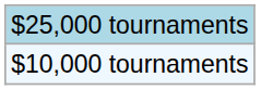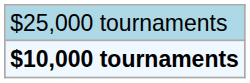 <table class="wikitable" style="font-size:85%;">
 <tr bgcolor=lightblue>
 <td>$25,000 tournaments</td>
 </tr>
 <tr style="background:#f0f8ff;">
-<td>$10,000 tournaments</td>
+<td><strong>$10,000 tournaments</strong></td>
 </tr>
 </table>
